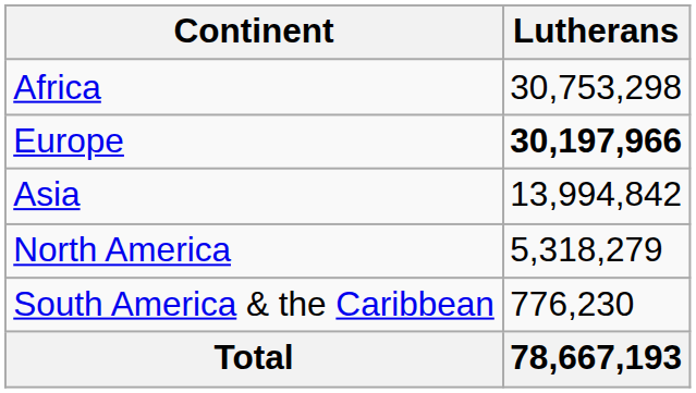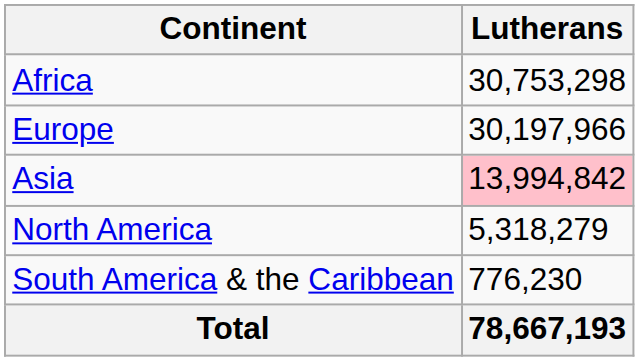 <table class="wikitable">
 <tr>
 <th>Continent</th>
 <th>Lutherans</th>
 </tr>
 <tr>
 <td><a href='#'>Africa</a></td>
 <td>30,753,298</td>
 </tr>
 <tr>
 <td><a href='#'>Europe</a></td>
-<td><strong>30,197,966</strong></td>
+<td>30,197,966</td>
 </tr>
 <tr>
 <td><a href='#'>Asia</a></td>
-<td>13,994,842</td>
+<td style="background: pink;">13,994,842</td>
 </tr>
 <tr>
 <td><a href='#'>North America</a></td>
 <td>5,318,279</td>
 </tr>
 <tr>
 <td><a href='#'>South America</a> & the <a href='#'>Caribbean</a></td>
 <td>776,230</td>
 </tr>
 <tr>
 <th>Total</th>
 <th>78,667,193</th>
 </tr>
 </table>
